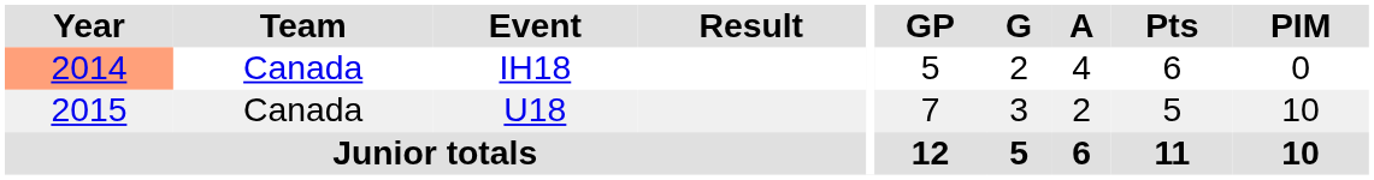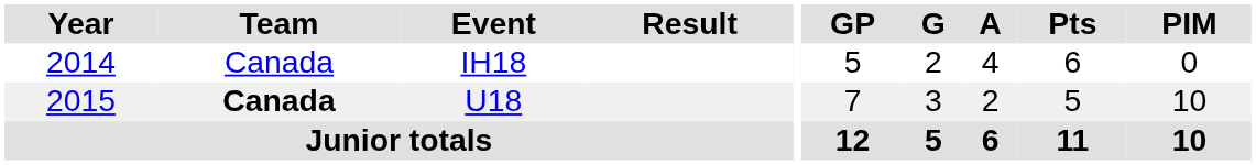 <table border="0" cellpadding="1" cellspacing="0" ID="Table3" style="text-align:center; width:40em">
 <tr ALIGN="center" bgcolor="#e0e0e0">
 <th>Year</th>
 <th>Team</th>
 <th>Event</th>
 <th>Result</th>
 <th rowspan="99" bgcolor="#ffffff"></th>
 <th>GP</th>
 <th>G</th>
 <th>A</th>
 <th>Pts</th>
 <th>PIM</th>
 </tr>
 <tr>
-<td style="background: lightsalmon;"><a href='#'>2014</a></td>
+<td><a href='#'>2014</a></td>
 <td><a href='#'>Canada</a></td>
 <td><a href='#'>IH18</a></td>
 <td></td>
 <td>5</td>
 <td>2</td>
 <td>4</td>
 <td>6</td>
 <td>0</td>
 </tr>
 <tr bgcolor="#f0f0f0">
 <td><a href='#'>2015</a></td>
-<td>Canada</td>
+<td><strong>Canada</strong></td>
 <td><a href='#'>U18</a></td>
 <td></td>
 <td>7</td>
 <td>3</td>
 <td>2</td>
 <td>5</td>
 <td>10</td>
 </tr>
 <tr bgcolor="#e0e0e0">
 <th colspan="4">Junior totals</th>
 <th>12</th>
 <th>5</th>
 <th>6</th>
 <th>11</th>
 <th>10</th>
 </tr>
 </table>
